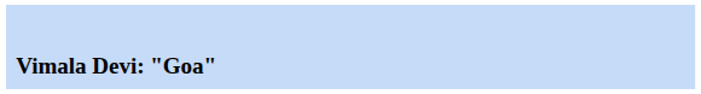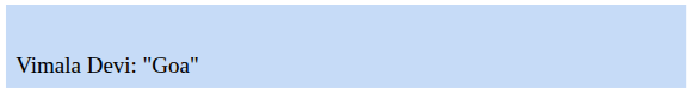 <table class="toccolours" style="float: right; margin-left: 1em; margin-right: 2em; font-size: 90%; background:#c6dbf7; width:30em; max-width: 40%;" cellspacing="5">
 <tr>
 <td style="text-align: left;"><br></td>
 </tr>
 <tr>
-<td style="text-align: left;"><strong>Vimala Devi: "Goa"</strong></td>
+<td style="text-align: left;">Vimala Devi: "Goa"</td>
 </tr>
 </table>
